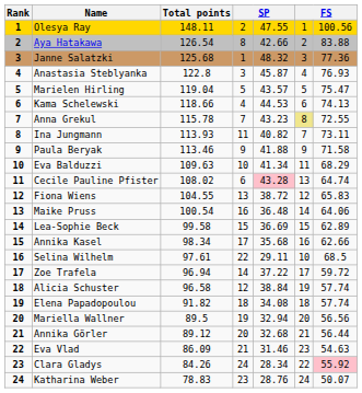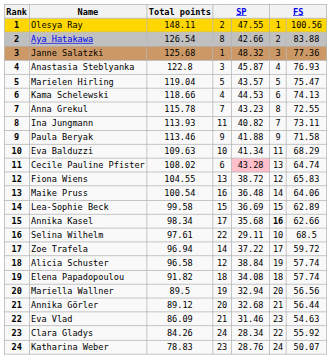 <table class="wikitable sortable">
 <tr>
 <th>Rank</th>
 <th>Name</th>
 <th>Total points</th>
 <th colspan="2" width="80px"><a href='#'>SP</a></th>
 <th colspan="2" width="80px"><a href='#'>FS</a></th>
 </tr>
 <tr bgcolor="gold">
 <td align="center"><strong>1</strong></td>
 <td>Olesya Ray</td>
 <td align="center">148.11</td>
 <td align="center">2</td>
 <td align="center">47.55</td>
 <td align="center">1</td>
 <td align="center">100.56</td>
 </tr>
 <tr bgcolor="silver">
 <td align="center"><strong>2</strong></td>
 <td><a href='#'>Aya Hatakawa</a></td>
 <td align="center">126.54</td>
 <td align="center">8</td>
 <td align="center">42.66</td>
 <td align="center">2</td>
 <td align="center">83.88</td>
 </tr>
 <tr bgcolor="cc9966">
 <td align="center"><strong>3</strong></td>
 <td>Janne Salatzki</td>
 <td align="center">125.68</td>
 <td align="center">1</td>
 <td align="center">48.32</td>
 <td align="center">3</td>
 <td align="center">77.36</td>
 </tr>
 <tr>
 <td align="center"><strong>4</strong></td>
 <td>Anastasia Steblyanka</td>
 <td align="center">122.8</td>
 <td align="center">3</td>
 <td align="center">45.87</td>
 <td align="center">4</td>
 <td align="center">76.93</td>
 </tr>
 <tr>
 <td align="center"><strong>5</strong></td>
 <td>Marielen Hirling</td>
 <td align="center">119.04</td>
 <td align="center">5</td>
 <td align="center">43.57</td>
 <td align="center">5</td>
 <td align="center">75.47</td>
 </tr>
 <tr>
 <td align="center"><strong>6</strong></td>
 <td>Kama Schelewski</td>
 <td align="center">118.66</td>
 <td align="center">4</td>
 <td align="center">44.53</td>
 <td align="center">6</td>
 <td align="center">74.13</td>
 </tr>
 <tr>
 <td align="center"><strong>7</strong></td>
 <td>Anna Grekul</td>
 <td align="center">115.78</td>
 <td align="center">7</td>
 <td align="center">43.23</td>
-<td align="center" style="background: khaki;">8</td>
+<td align="center">8</td>
 <td align="center">72.55</td>
 </tr>
 <tr>
 <td align="center"><strong>8</strong></td>
 <td>Ina Jungmann</td>
 <td align="center">113.93</td>
 <td align="center">11</td>
 <td align="center">40.82</td>
 <td align="center">7</td>
 <td align="center">73.11</td>
 </tr>
 <tr>
 <td align="center"><strong>9</strong></td>
 <td>Paula Beryak</td>
 <td align="center">113.46</td>
 <td align="center">9</td>
 <td align="center">41.88</td>
 <td align="center">9</td>
 <td align="center">71.58</td>
 </tr>
 <tr>
 <td align="center"><strong>10</strong></td>
 <td>Eva Balduzzi</td>
 <td align="center">109.63</td>
 <td align="center">10</td>
 <td align="center">41.34</td>
 <td align="center">11</td>
 <td align="center">68.29</td>
 </tr>
 <tr>
 <td align="center"><strong>11</strong></td>
 <td>Cecile Pauline Pfister</td>
 <td align="center">108.02</td>
 <td align="center">6</td>
 <td align="center" style="background: pink;">43.28</td>
 <td align="center">13</td>
 <td align="center">64.74</td>
 </tr>
 <tr>
 <td align="center"><strong>12</strong></td>
 <td>Fiona Wiens</td>
 <td align="center">104.55</td>
 <td align="center">13</td>
 <td align="center">38.72</td>
 <td align="center">12</td>
 <td align="center">65.83</td>
 </tr>
 <tr>
 <td align="center"><strong>13</strong></td>
 <td>Maike Pruss</td>
 <td align="center">100.54</td>
 <td align="center">16</td>
 <td align="center">36.48</td>
 <td align="center">14</td>
 <td align="center">64.06</td>
 </tr>
 <tr>
 <td align="center"><strong>14</strong></td>
 <td>Lea-Sophie Beck</td>
 <td align="center">99.58</td>
 <td align="center">15</td>
 <td align="center">36.69</td>
 <td align="center">15</td>
 <td align="center">62.89</td>
 </tr>
 <tr>
 <td align="center"><strong>15</strong></td>
 <td>Annika Kasel</td>
 <td align="center">98.34</td>
 <td align="center">17</td>
 <td align="center">35.68</td>
-<td align="center">16</td>
+<td align="center"><strong>16</strong></td>
 <td align="center">62.66</td>
 </tr>
 <tr>
 <td align="center"><strong>16</strong></td>
 <td>Selina Wilhelm</td>
 <td align="center">97.61</td>
 <td align="center">22</td>
 <td align="center">29.11</td>
 <td align="center">10</td>
 <td align="center">68.5</td>
 </tr>
 <tr>
 <td align="center"><strong>17</strong></td>
 <td>Zoe Trafela</td>
 <td align="center">96.94</td>
 <td align="center">14</td>
 <td align="center">37.22</td>
 <td align="center">17</td>
 <td align="center">59.72</td>
 </tr>
 <tr>
 <td align="center"><strong>18</strong></td>
 <td>Alicia Schuster</td>
 <td align="center">96.58</td>
 <td align="center">12</td>
 <td align="center">38.84</td>
 <td align="center">19</td>
 <td align="center">57.74</td>
 </tr>
 <tr>
 <td align="center"><strong>19</strong></td>
 <td>Elena Papadopoulou</td>
 <td align="center">91.82</td>
 <td align="center">18</td>
 <td align="center">34.08</td>
 <td align="center">18</td>
 <td align="center">57.74</td>
 </tr>
 <tr>
 <td align="center"><strong>20</strong></td>
 <td>Mariella Wallner</td>
 <td align="center">89.5</td>
 <td align="center">19</td>
 <td align="center">32.94</td>
 <td align="center">20</td>
 <td align="center">56.56</td>
 </tr>
 <tr>
 <td align="center"><strong>21</strong></td>
 <td>Annika Görler</td>
 <td align="center">89.12</td>
 <td align="center">20</td>
 <td align="center">32.68</td>
 <td align="center">21</td>
 <td align="center">56.44</td>
 </tr>
 <tr>
 <td align="center"><strong>22</strong></td>
 <td>Eva Vlad</td>
 <td align="center">86.09</td>
 <td align="center">21</td>
 <td align="center">31.46</td>
 <td align="center">23</td>
 <td align="center">54.63</td>
 </tr>
 <tr>
 <td align="center"><strong>23</strong></td>
 <td>Clara Gladys</td>
 <td align="center">84.26</td>
 <td align="center">24</td>
 <td align="center">28.34</td>
 <td align="center">22</td>
-<td align="center" style="background: pink;">55.92</td>
+<td align="center">55.92</td>
 </tr>
 <tr>
 <td align="center"><strong>24</strong></td>
 <td>Katharina Weber</td>
 <td align="center">78.83</td>
 <td align="center">23</td>
 <td align="center">28.76</td>
 <td align="center">24</td>
 <td align="center">50.07</td>
 </tr>
 </table>
